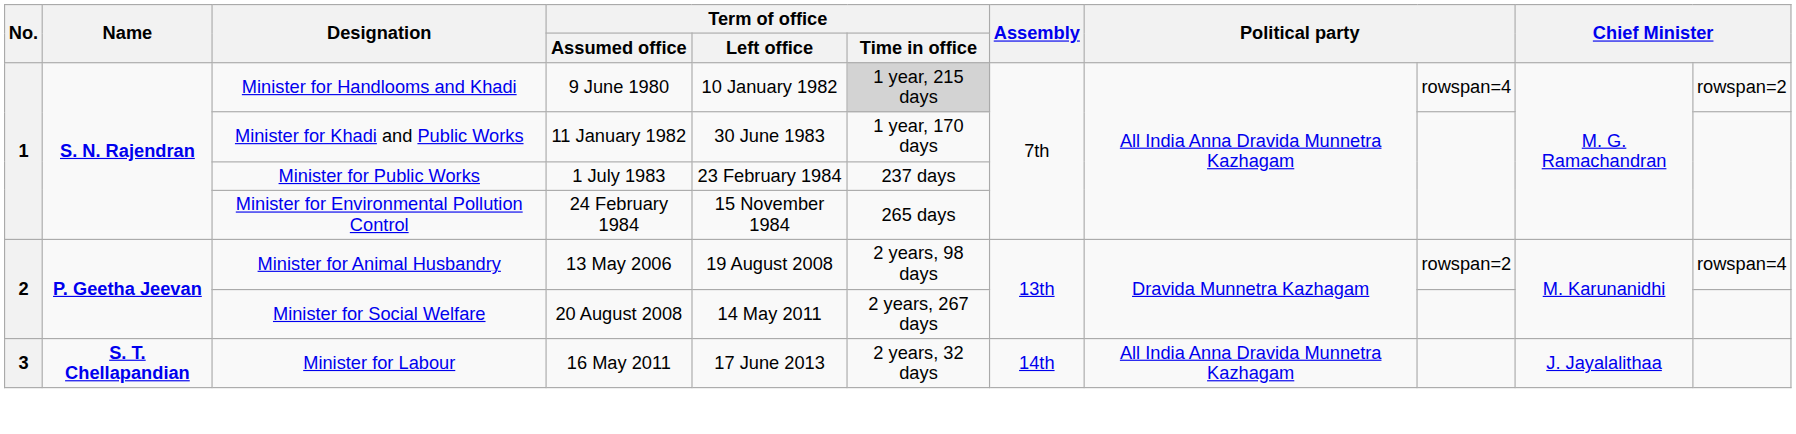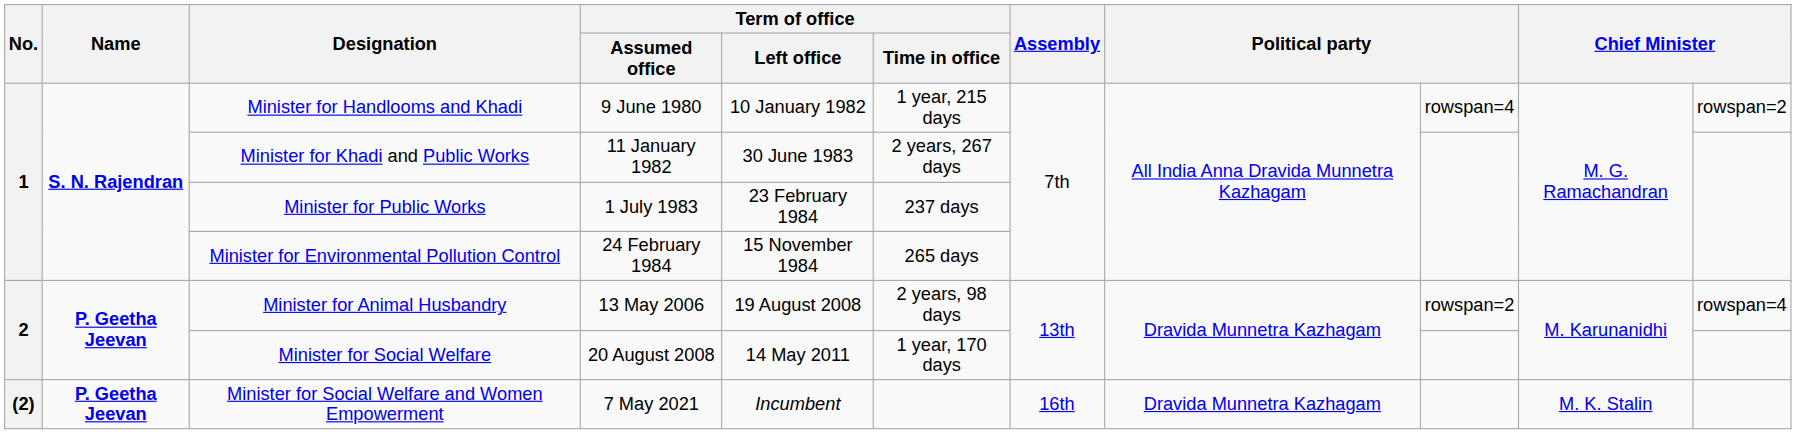 <table class="wikitable" style="text-align:center;">
 <tr>
 <th rowspan=2>No.</th>
 <th rowspan=2>Name</th>
 <th rowspan=2>Designation</th>
 <th colspan=3>Term of office</th>
 <th rowspan=2><a href='#'>Assembly</a><br></th>
 <th rowspan=2 colspan=2>Political party</th>
 <th rowspan=2 colspan=2><a href='#'>Chief Minister</a></th>
 </tr>
 <tr>
 <th>Assumed office</th>
 <th>Left office</th>
 <th>Time in office</th>
 </tr>
 <tr>
 <th rowspan=4>1</th>
 <td rowspan=4><strong><a href='#'>S. N. Rajendran</a></strong></td>
 <td><a href='#'>Minister for Handlooms and Khadi</a></td>
 <td>9 June 1980</td>
 <td>10 January 1982</td>
-<td style="background: lightgrey;">1 year, 215 days</td>
+<td>1 year, 215 days</td>
 <td rowspan=4>7th<br></td>
 <td rowspan=4><a href='#'>All India Anna Dravida Munnetra Kazhagam</a></td>
 <td>rowspan=4 </td>
 <td rowspan=4><a href='#'>M. G. Ramachandran</a></td>
 <td>rowspan=2 </td>
 </tr>
 <tr>
 <td><a href='#'>Minister for Khadi</a> and <a href='#'>Public Works</a></td>
 <td>11 January 1982</td>
 <td>30 June 1983</td>
-<td>1 year, 170 days</td>
+<td>2 years, 267 days</td>
 </tr>
 <tr>
 <td><a href='#'>Minister for Public Works</a></td>
 <td>1 July 1983</td>
 <td>23 February 1984</td>
 <td>237 days</td>
 </tr>
 <tr>
 <td><a href='#'>Minister for Environmental Pollution Control</a></td>
 <td>24 February 1984</td>
 <td>15 November 1984</td>
 <td>265 days</td>
 </tr>
 <tr>
 <th rowspan=2>2</th>
 <td rowspan=2><strong><a href='#'>P. Geetha Jeevan</a></strong></td>
 <td><a href='#'>Minister for Animal Husbandry</a></td>
 <td>13 May 2006</td>
 <td>19 August 2008</td>
 <td>2 years, 98 days</td>
 <td rowspan=2><a href='#'>13th</a><br></td>
 <td rowspan=2><a href='#'>Dravida Munnetra Kazhagam</a></td>
 <td>rowspan=2 </td>
 <td rowspan=2><a href='#'>M. Karunanidhi</a></td>
 <td>rowspan=4 </td>
 </tr>
 <tr>
 <td><a href='#'>Minister for Social Welfare</a></td>
 <td>20 August 2008</td>
 <td>14 May 2011</td>
-<td>2 years, 267 days</td>
+<td>1 year, 170 days</td>
 </tr>
 <tr>
-<th>3</th>
-<td><strong><a href='#'>S. T. Chellapandian</a></strong></td>
-<td><a href='#'>Minister for Labour</a></td>
-<td>16 May 2011</td>
-<td>17 June 2013</td>
-<td>2 years, 32 days</td>
-<td><a href='#'>14th</a><br></td>
-<td><a href='#'>All India Anna Dravida Munnetra Kazhagam</a></td>
+<th>(2)</th>
+<td><strong><a href='#'>P. Geetha Jeevan</a></strong></td>
+<td><a href='#'>Minister for Social Welfare and Women Empowerment</a></td>
+<td>7 May 2021</td>
+<td><em>Incumbent</em></td>
 <td></td>
-<td><a href='#'>J. Jayalalithaa</a></td>
+<td><a href='#'>16th</a><br></td>
+<td><a href='#'>Dravida Munnetra Kazhagam</a></td>
+<td></td>
+<td><a href='#'>M. K. Stalin</a></td>
 <td></td>
 </tr>
 </table>
